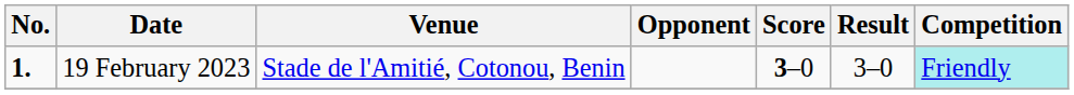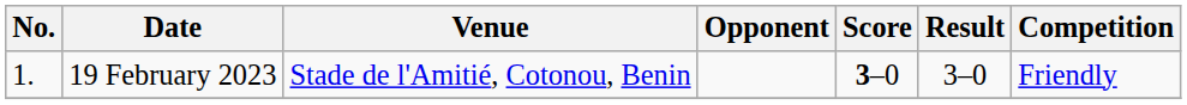 <table class="wikitable">
 <tr>
 <th>No.</th>
 <th>Date</th>
 <th>Venue</th>
 <th>Opponent</th>
 <th>Score</th>
 <th>Result</th>
 <th>Competition</th>
 </tr>
 <tr>
-<td><strong>1.</strong></td>
+<td>1.</td>
 <td>19 February 2023</td>
 <td><a href='#'>Stade de l'Amitié</a>, <a href='#'>Cotonou</a>, <a href='#'>Benin</a></td>
 <td></td>
 <td align=center><strong>3</strong>–0</td>
 <td align=center>3–0</td>
-<td style="background: paleturquoise;"><a href='#'>Friendly</a></td>
+<td><a href='#'>Friendly</a></td>
 </tr>
 <tr>
 </tr>
 </table>
